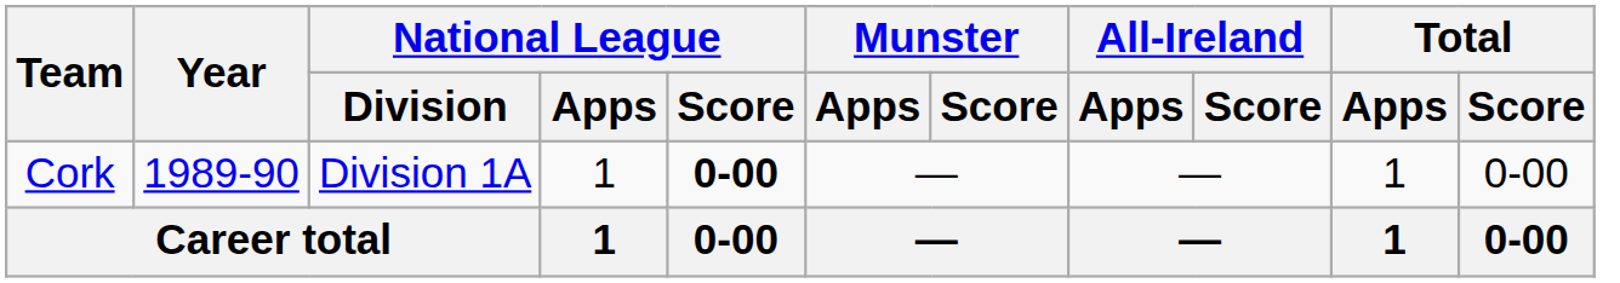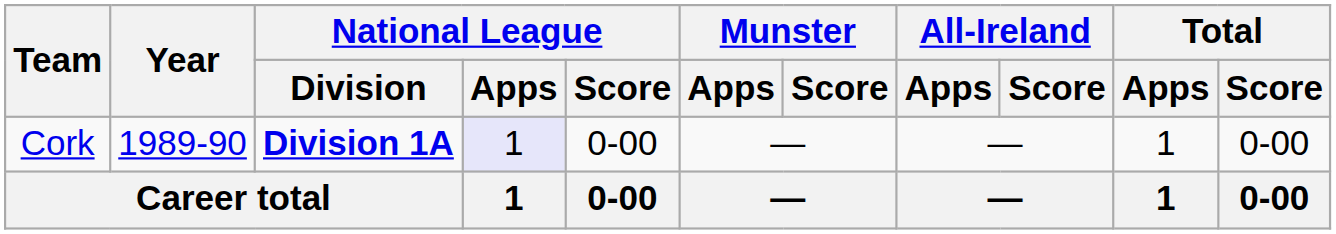 <table class="wikitable" style="text-align:center">
 <tr>
 <th rowspan="2">Team</th>
 <th rowspan="2">Year</th>
 <th colspan="3"><a href='#'>National League</a></th>
 <th colspan="2"><a href='#'>Munster</a></th>
 <th colspan="2"><a href='#'>All-Ireland</a></th>
 <th colspan="2">Total</th>
 </tr>
 <tr>
 <th>Division</th>
 <th>Apps</th>
 <th>Score</th>
 <th>Apps</th>
 <th>Score</th>
 <th>Apps</th>
 <th>Score</th>
 <th>Apps</th>
 <th>Score</th>
 </tr>
 <tr>
 <td rowspan="1"><a href='#'>Cork</a></td>
 <td><a href='#'>1989-90</a></td>
-<td rowspan="1"><a href='#'>Division 1A</a></td>
-<td>1</td>
-<td><strong>0-00</strong></td>
+<td rowspan="1"><strong><a href='#'>Division 1A</a></strong></td>
+<td style="background: lavender;">1</td>
+<td>0-00</td>
 <td colspan=2>—</td>
 <td colspan=2>—</td>
 <td>1</td>
 <td>0-00</td>
 </tr>
 <tr>
 <th colspan="3">Career total</th>
 <th>1</th>
 <th>0-00</th>
 <th colspan=2>—</th>
 <th colspan=2>—</th>
 <th>1</th>
 <th>0-00</th>
 </tr>
 </table>
